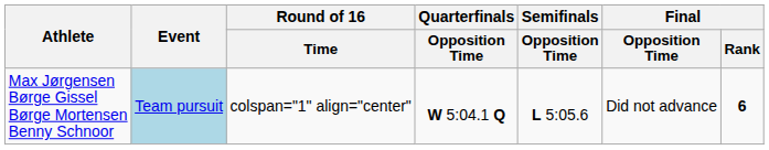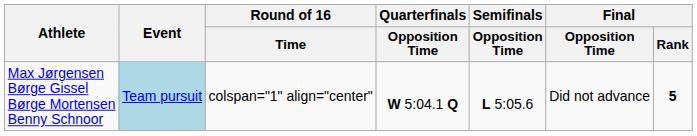 <table class="wikitable" style="font-size:90%">
 <tr>
 <th rowspan="2">Athlete</th>
 <th rowspan="2">Event</th>
 <th>Round of 16</th>
 <th>Quarterfinals</th>
 <th>Semifinals</th>
 <th colspan=2>Final</th>
 </tr>
 <tr style="font-size:95%">
 <th>Time</th>
 <th>Opposition<br>Time</th>
 <th>Opposition<br>Time</th>
 <th>Opposition<br>Time</th>
 <th>Rank</th>
 </tr>
 <tr align=center>
 <td align=left><a href='#'>Max Jørgensen</a><br><a href='#'>Børge Gissel</a><br><a href='#'>Børge Mortensen</a><br><a href='#'>Benny Schnoor</a></td>
 <td align=left style="background: lightblue;"><a href='#'>Team pursuit</a></td>
 <td>colspan="1"  align="center" </td>
 <td><br><strong>W</strong> 5:04.1 <strong>Q</strong></td>
 <td><br><strong>L</strong> 5:05.6</td>
 <td>Did not advance</td>
-<td><strong>6</strong></td>
+<td><strong>5</strong></td>
 </tr>
 </table>
